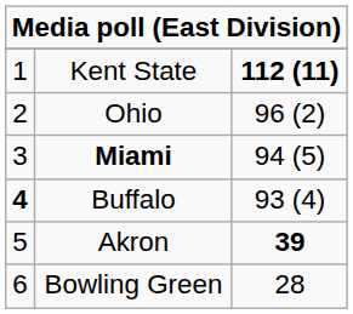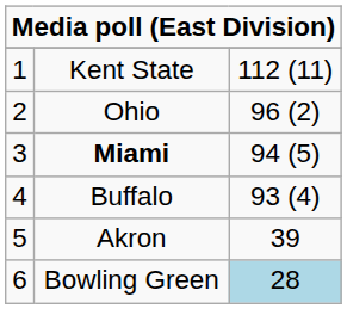 <table class="wikitable" style="display: inline-table;">
 <tr>
 <td align="center" Colspan="3"><strong>Media poll (East Division)</strong></td>
 </tr>
 <tr align="center">
 </tr>
 <tr align="center">
 <td>1</td>
 <td>Kent State</td>
-<td><strong>112 (11)</strong></td>
+<td>112 (11)</td>
 </tr>
 <tr align="center">
 <td>2</td>
 <td>Ohio</td>
 <td>96 (2)</td>
 </tr>
 <tr align="center">
 <td>3</td>
 <td><strong>Miami</strong></td>
 <td>94 (5)</td>
 </tr>
 <tr align="center">
-<td><strong>4</strong></td>
+<td>4</td>
 <td>Buffalo</td>
 <td>93 (4)</td>
 </tr>
 <tr align="center">
 <td>5</td>
 <td>Akron</td>
-<td><strong>39</strong></td>
+<td>39</td>
 </tr>
 <tr align="center">
 <td>6</td>
 <td>Bowling Green</td>
-<td>28</td>
+<td style="background: lightblue;">28</td>
 </tr>
 </table>
